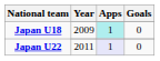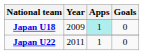 <table class="wikitable" style="font-size:90%; text-align: center">
 <tr>
 <th>National team</th>
 <th>Year</th>
 <th>Apps</th>
 <th>Goals</th>
 </tr>
 <tr>
 <td rowspan="2"><strong><a href='#'>Japan U18</a></strong></td>
 </tr>
 <tr>
 <td>2009</td>
 <td style="background: paleturquoise;">1</td>
 <td>0</td>
 </tr>
 <tr>
 <td rowspan="2"><strong><a href='#'>Japan U22</a></strong></td>
 </tr>
 <tr>
 <td>2011</td>
-<td style="background: lavender;">1</td>
+<td>1</td>
 <td>0</td>
 </tr>
 </table>
